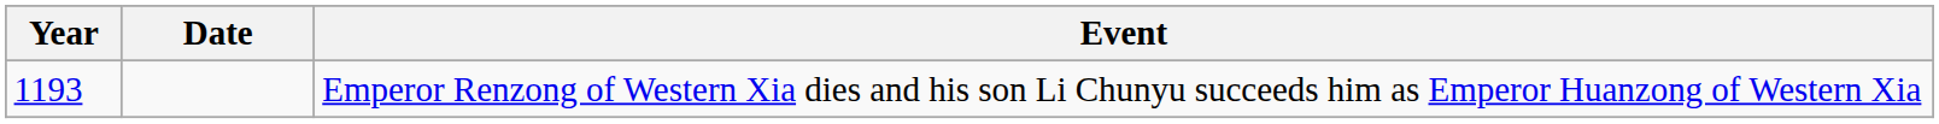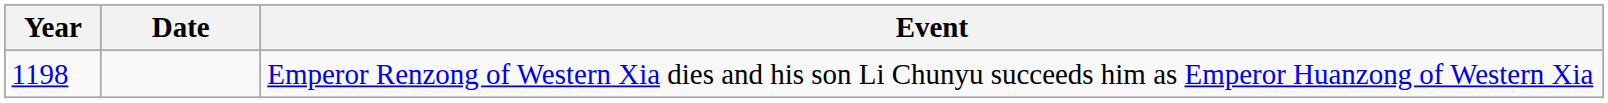 <table class="wikitable" width="100%">
 <tr>
 <th style="width:6%">Year</th>
 <th style="width:10%">Date</th>
 <th>Event</th>
 </tr>
 <tr>
-<td><a href='#'>1193</a></td>
+<td><a href='#'>1198</a></td>
 <td></td>
 <td><a href='#'>Emperor Renzong of Western Xia</a> dies and his son Li Chunyu succeeds him as <a href='#'>Emperor Huanzong of Western Xia</a></td>
 </tr>
 </table>
